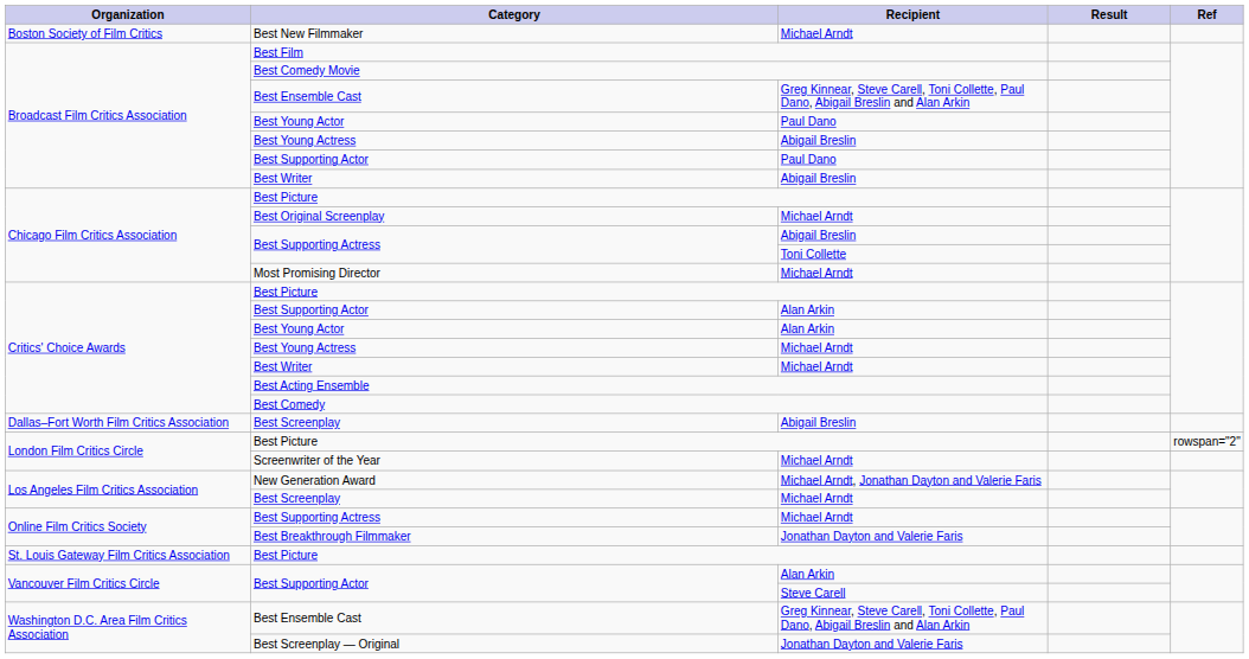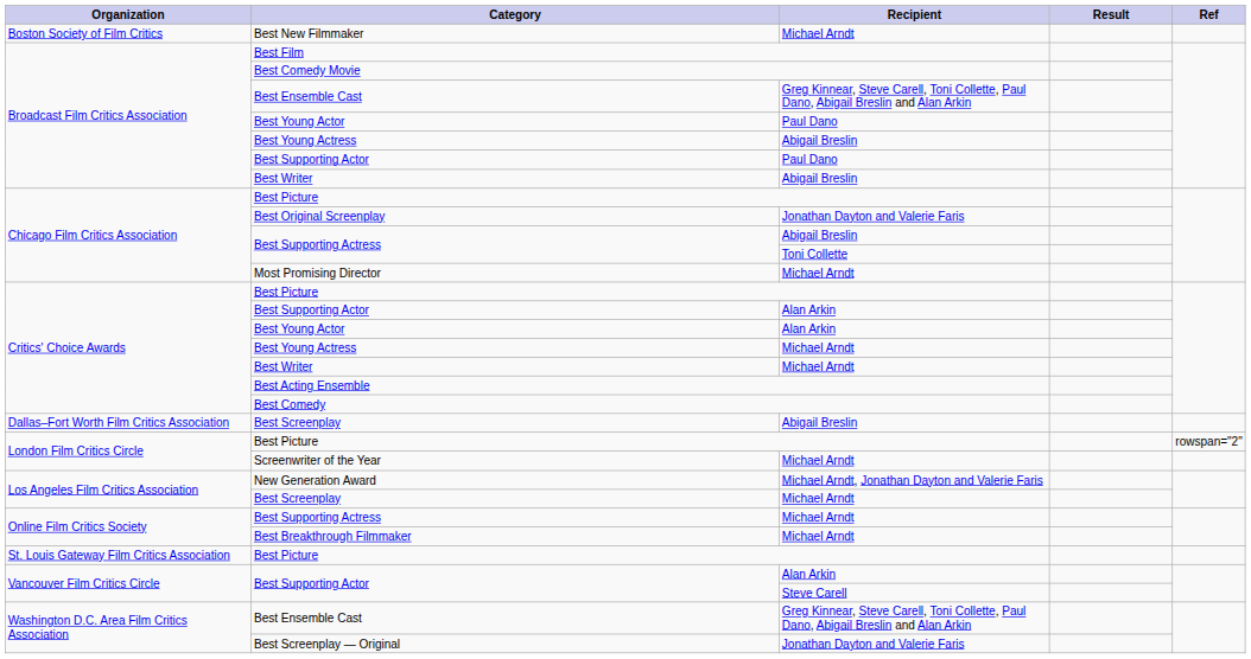 <table class="wikitable" style="font-size: 95%;" width="100%">
 <tr align="center">
 <th style="background:#CCCCEE;" width="20%">Organization</th>
 <th style="background:#CCCCEE;" width="43%">Category</th>
 <th style="background:#CCCCEE;" width="22%">Recipient</th>
 <th style="background:#CCCCEE;" width="10%">Result</th>
 <th style="background:#CCCCEE;" width="5%">Ref</th>
 </tr>
 <tr>
 <td><a href='#'>Boston Society of Film Critics</a></td>
 <td>Best New Filmmaker</td>
 <td><a href='#'>Michael Arndt</a></td>
 <td></td>
 <td align="center"></td>
 </tr>
 <tr>
 <td rowspan="7"><a href='#'>Broadcast Film Critics Association</a></td>
 <td colspan="2"><a href='#'>Best Film</a></td>
 <td></td>
 <td rowspan="7" align="center"></td>
 </tr>
 <tr>
 <td colspan="2"><a href='#'>Best Comedy Movie</a></td>
 <td></td>
 </tr>
 <tr>
 <td><a href='#'>Best Ensemble Cast</a></td>
 <td><a href='#'>Greg Kinnear</a>, <a href='#'>Steve Carell</a>, <a href='#'>Toni Collette</a>, <a href='#'>Paul Dano</a>, <a href='#'>Abigail Breslin</a> and <a href='#'>Alan Arkin</a></td>
 <td></td>
 </tr>
 <tr>
 <td><a href='#'>Best Young Actor</a></td>
 <td><a href='#'>Paul Dano</a></td>
 <td></td>
 </tr>
 <tr>
 <td><a href='#'>Best Young Actress</a></td>
 <td><a href='#'>Abigail Breslin</a></td>
 <td></td>
 </tr>
 <tr>
 <td><a href='#'>Best Supporting Actor</a></td>
 <td><a href='#'>Paul Dano</a></td>
 <td></td>
 </tr>
 <tr>
 <td><a href='#'>Best Writer</a></td>
 <td><a href='#'>Abigail Breslin</a></td>
 <td></td>
 </tr>
 <tr>
 <td rowspan="5"><a href='#'>Chicago Film Critics Association</a></td>
 <td colspan="2"><a href='#'>Best Picture</a></td>
 <td></td>
 <td rowspan="5" align="center"></td>
 </tr>
 <tr>
 <td><a href='#'>Best Original Screenplay</a></td>
-<td><a href='#'>Michael Arndt</a></td>
+<td><a href='#'>Jonathan Dayton and Valerie Faris</a></td>
 <td></td>
 </tr>
 <tr>
 <td rowspan="2"><a href='#'>Best Supporting Actress</a></td>
 <td><a href='#'>Abigail Breslin</a></td>
 <td></td>
 </tr>
 <tr>
 <td><a href='#'>Toni Collette</a></td>
 <td></td>
 </tr>
 <tr>
 <td>Most Promising Director</td>
 <td><a href='#'>Michael Arndt</a></td>
 <td></td>
 </tr>
 <tr>
 <td rowspan=7><a href='#'>Critics' Choice Awards</a></td>
 <td colspan=2><a href='#'>Best Picture</a></td>
 <td></td>
 </tr>
 <tr>
 <td><a href='#'>Best Supporting Actor</a></td>
 <td><a href='#'>Alan Arkin</a></td>
 <td></td>
 </tr>
 <tr>
 <td><a href='#'>Best Young Actor</a></td>
 <td><a href='#'>Alan Arkin</a></td>
 <td></td>
 </tr>
 <tr>
 <td><a href='#'>Best Young Actress</a></td>
 <td><a href='#'>Michael Arndt</a></td>
 <td></td>
 </tr>
 <tr>
 <td><a href='#'>Best Writer</a></td>
 <td><a href='#'>Michael Arndt</a></td>
 <td></td>
 </tr>
 <tr>
 <td colspan=2><a href='#'>Best Acting Ensemble</a></td>
 <td></td>
 </tr>
 <tr>
 <td colspan=2><a href='#'>Best Comedy</a></td>
 <td></td>
 </tr>
 <tr>
 <td><a href='#'>Dallas–Fort Worth Film Critics Association</a></td>
 <td><a href='#'>Best Screenplay</a></td>
 <td><a href='#'>Abigail Breslin</a></td>
 <td></td>
 <td align="center"></td>
 </tr>
 <tr>
 <td rowspan="2"><a href='#'>London Film Critics Circle</a></td>
 <td colspan="2">Best Picture</td>
 <td></td>
 <td>rowspan="2" </td>
 </tr>
 <tr>
 <td>Screenwriter of the Year</td>
 <td><a href='#'>Michael Arndt</a></td>
 <td></td>
 </tr>
 <tr>
 <td rowspan="2"><a href='#'>Los Angeles Film Critics Association</a></td>
 <td>New Generation Award</td>
 <td><a href='#'>Michael Arndt</a>, <a href='#'>Jonathan Dayton and Valerie Faris</a></td>
 <td></td>
 <td rowspan="2" align="center"></td>
 </tr>
 <tr>
 <td><a href='#'>Best Screenplay</a></td>
 <td><a href='#'>Michael Arndt</a></td>
 <td></td>
 </tr>
 <tr>
 <td rowspan="2"><a href='#'>Online Film Critics Society</a></td>
 <td><a href='#'>Best Supporting Actress</a></td>
 <td><a href='#'>Michael Arndt</a></td>
 <td></td>
 <td rowspan="2" align="center"></td>
 </tr>
 <tr>
 <td><a href='#'>Best Breakthrough Filmmaker</a></td>
-<td><a href='#'>Jonathan Dayton and Valerie Faris</a></td>
+<td><a href='#'>Michael Arndt</a></td>
 <td></td>
 </tr>
 <tr>
 <td><a href='#'>St. Louis Gateway Film Critics Association</a></td>
 <td colspan="2"><a href='#'>Best Picture</a></td>
 <td></td>
 <td></td>
 </tr>
 <tr>
 <td rowspan="2"><a href='#'>Vancouver Film Critics Circle</a></td>
 <td rowspan="2"><a href='#'>Best Supporting Actor</a></td>
 <td><a href='#'>Alan Arkin</a></td>
 <td></td>
 <td rowspan="2" align="center"></td>
 </tr>
 <tr>
 <td><a href='#'>Steve Carell</a></td>
 <td></td>
 </tr>
 <tr>
 <td rowspan="2"><a href='#'>Washington D.C. Area Film Critics Association</a></td>
 <td>Best Ensemble Cast</td>
 <td><a href='#'>Greg Kinnear</a>, <a href='#'>Steve Carell</a>, <a href='#'>Toni Collette</a>, <a href='#'>Paul Dano</a>, <a href='#'>Abigail Breslin</a> and <a href='#'>Alan Arkin</a></td>
 <td></td>
 <td rowspan="2" align="center"></td>
 </tr>
 <tr>
 <td>Best Screenplay — Original</td>
 <td><a href='#'>Jonathan Dayton and Valerie Faris</a></td>
 <td></td>
 </tr>
 </table>
